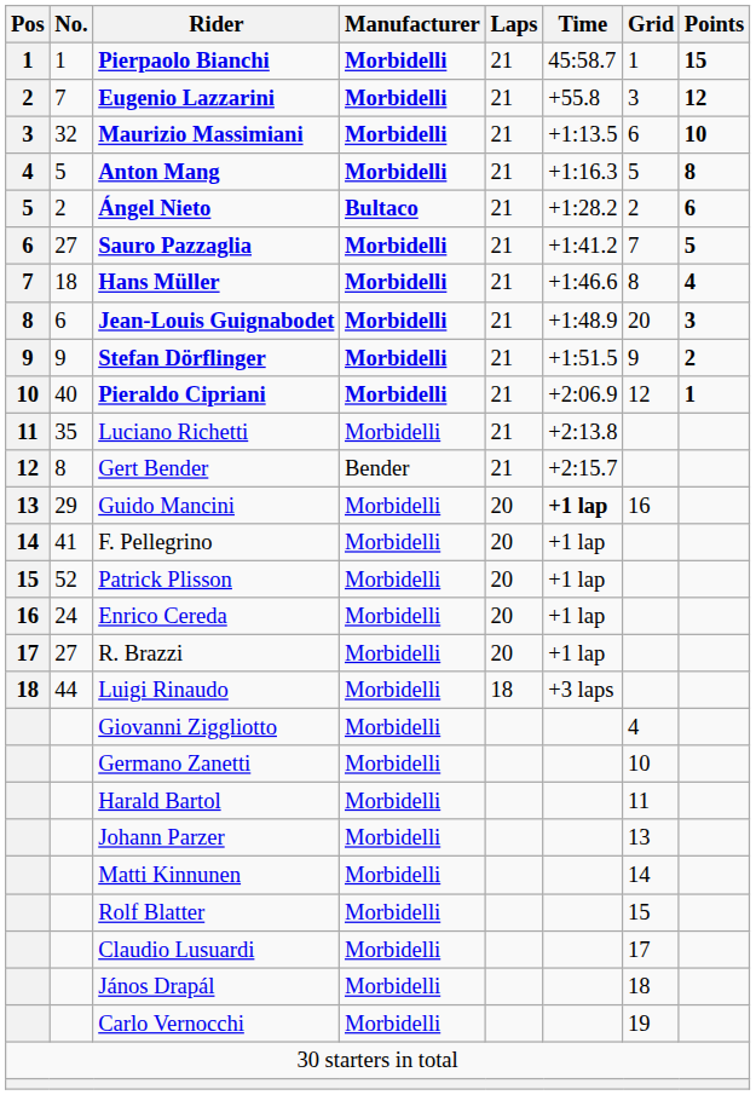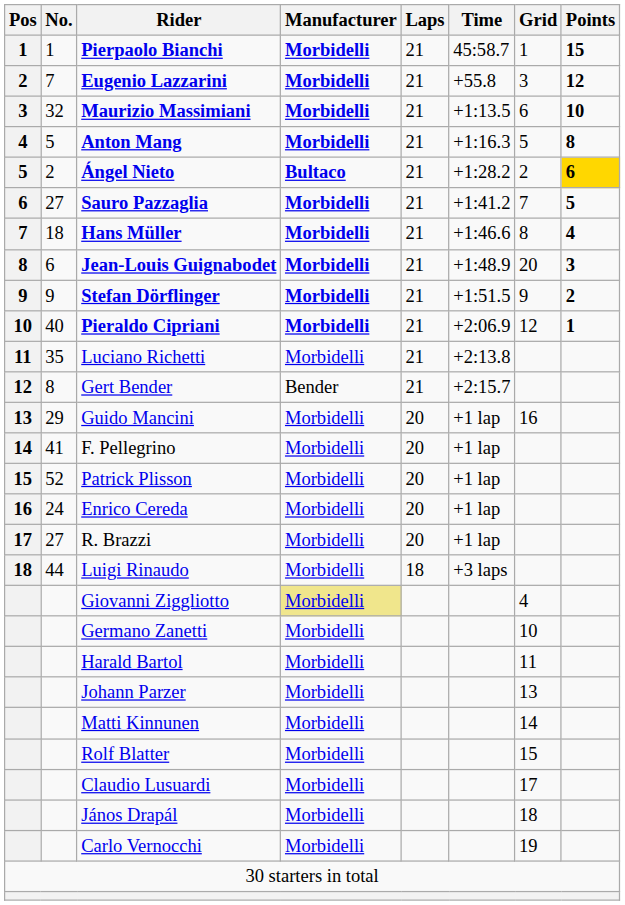 <table class="wikitable" style="font-size: 95%;">
 <tr>
 <th>Pos</th>
 <th>No.</th>
 <th>Rider</th>
 <th>Manufacturer</th>
 <th>Laps</th>
 <th>Time</th>
 <th>Grid</th>
 <th>Points</th>
 </tr>
 <tr>
 <th>1</th>
 <td>1</td>
 <td> <strong><a href='#'>Pierpaolo Bianchi</a></strong></td>
 <td><strong><a href='#'>Morbidelli</a></strong></td>
 <td>21</td>
 <td>45:58.7</td>
 <td>1</td>
 <td><strong>15</strong></td>
 </tr>
 <tr>
 <th>2</th>
 <td>7</td>
 <td> <strong><a href='#'>Eugenio Lazzarini</a></strong></td>
 <td><strong><a href='#'>Morbidelli</a></strong></td>
 <td>21</td>
 <td>+55.8</td>
 <td>3</td>
 <td><strong>12</strong></td>
 </tr>
 <tr>
 <th>3</th>
 <td>32</td>
 <td> <strong><a href='#'>Maurizio Massimiani</a></strong></td>
 <td><strong><a href='#'>Morbidelli</a></strong></td>
 <td>21</td>
 <td>+1:13.5</td>
 <td>6</td>
 <td><strong>10</strong></td>
 </tr>
 <tr>
 <th>4</th>
 <td>5</td>
 <td> <strong><a href='#'>Anton Mang</a></strong></td>
 <td><strong><a href='#'>Morbidelli</a></strong></td>
 <td>21</td>
 <td>+1:16.3</td>
 <td>5</td>
 <td><strong>8</strong></td>
 </tr>
 <tr>
 <th>5</th>
 <td>2</td>
 <td> <strong><a href='#'>Ángel Nieto</a></strong></td>
 <td><strong><a href='#'>Bultaco</a></strong></td>
 <td>21</td>
 <td>+1:28.2</td>
 <td>2</td>
-<td><strong>6</strong></td>
+<td style="background: gold;"><strong>6</strong></td>
 </tr>
 <tr>
 <th>6</th>
 <td>27</td>
 <td> <strong><a href='#'>Sauro Pazzaglia</a></strong></td>
 <td><strong><a href='#'>Morbidelli</a></strong></td>
 <td>21</td>
 <td>+1:41.2</td>
 <td>7</td>
 <td><strong>5</strong></td>
 </tr>
 <tr>
 <th>7</th>
 <td>18</td>
 <td> <strong><a href='#'>Hans Müller</a></strong></td>
 <td><strong><a href='#'>Morbidelli</a></strong></td>
 <td>21</td>
 <td>+1:46.6</td>
 <td>8</td>
 <td><strong>4</strong></td>
 </tr>
 <tr>
 <th>8</th>
 <td>6</td>
 <td> <strong><a href='#'>Jean-Louis Guignabodet</a></strong></td>
 <td><strong><a href='#'>Morbidelli</a></strong></td>
 <td>21</td>
 <td>+1:48.9</td>
 <td>20</td>
 <td><strong>3</strong></td>
 </tr>
 <tr>
 <th>9</th>
 <td>9</td>
 <td> <strong><a href='#'>Stefan Dörflinger</a></strong></td>
 <td><strong><a href='#'>Morbidelli</a></strong></td>
 <td>21</td>
 <td>+1:51.5</td>
 <td>9</td>
 <td><strong>2</strong></td>
 </tr>
 <tr>
 <th>10</th>
 <td>40</td>
 <td> <strong><a href='#'>Pieraldo Cipriani</a></strong></td>
 <td><strong><a href='#'>Morbidelli</a></strong></td>
 <td>21</td>
 <td>+2:06.9</td>
 <td>12</td>
 <td><strong>1</strong></td>
 </tr>
 <tr>
 <th>11</th>
 <td>35</td>
 <td> <a href='#'>Luciano Richetti</a></td>
 <td><a href='#'>Morbidelli</a></td>
 <td>21</td>
 <td>+2:13.8</td>
 <td></td>
 <td></td>
 </tr>
 <tr>
 <th>12</th>
 <td>8</td>
 <td> <a href='#'>Gert Bender</a></td>
 <td>Bender</td>
 <td>21</td>
 <td>+2:15.7</td>
 <td></td>
 <td></td>
 </tr>
 <tr>
 <th>13</th>
 <td>29</td>
 <td> <a href='#'>Guido Mancini</a></td>
 <td><a href='#'>Morbidelli</a></td>
 <td>20</td>
-<td><strong>+1 lap</strong></td>
+<td>+1 lap</td>
 <td>16</td>
 <td></td>
 </tr>
 <tr>
 <th>14</th>
 <td>41</td>
 <td> F. Pellegrino</td>
 <td><a href='#'>Morbidelli</a></td>
 <td>20</td>
 <td>+1 lap</td>
 <td></td>
 <td></td>
 </tr>
 <tr>
 <th>15</th>
 <td>52</td>
 <td> <a href='#'>Patrick Plisson</a></td>
 <td><a href='#'>Morbidelli</a></td>
 <td>20</td>
 <td>+1 lap</td>
 <td></td>
 <td></td>
 </tr>
 <tr>
 <th>16</th>
 <td>24</td>
 <td> <a href='#'>Enrico Cereda</a></td>
 <td><a href='#'>Morbidelli</a></td>
 <td>20</td>
 <td>+1 lap</td>
 <td></td>
 <td></td>
 </tr>
 <tr>
 <th>17</th>
 <td>27</td>
 <td> R. Brazzi</td>
 <td><a href='#'>Morbidelli</a></td>
 <td>20</td>
 <td>+1 lap</td>
 <td></td>
 <td></td>
 </tr>
 <tr>
 <th>18</th>
 <td>44</td>
 <td> <a href='#'>Luigi Rinaudo</a></td>
 <td><a href='#'>Morbidelli</a></td>
 <td>18</td>
 <td>+3 laps</td>
 <td></td>
 <td></td>
 </tr>
 <tr>
 <th></th>
 <td></td>
 <td> <a href='#'>Giovanni Ziggliotto</a></td>
-<td><a href='#'>Morbidelli</a></td>
+<td style="background: khaki;"><a href='#'>Morbidelli</a></td>
 <td></td>
 <td></td>
 <td>4</td>
 <td></td>
 </tr>
 <tr>
 <th></th>
 <td></td>
 <td> <a href='#'>Germano Zanetti</a></td>
 <td><a href='#'>Morbidelli</a></td>
 <td></td>
 <td></td>
 <td>10</td>
 <td></td>
 </tr>
 <tr>
 <th></th>
 <td></td>
 <td> <a href='#'>Harald Bartol</a></td>
 <td><a href='#'>Morbidelli</a></td>
 <td></td>
 <td></td>
 <td>11</td>
 <td></td>
 </tr>
 <tr>
 <th></th>
 <td></td>
 <td> <a href='#'>Johann Parzer</a></td>
 <td><a href='#'>Morbidelli</a></td>
 <td></td>
 <td></td>
 <td>13</td>
 <td></td>
 </tr>
 <tr>
 <th></th>
 <td></td>
 <td> <a href='#'>Matti Kinnunen</a></td>
 <td><a href='#'>Morbidelli</a></td>
 <td></td>
 <td></td>
 <td>14</td>
 <td></td>
 </tr>
 <tr>
 <th></th>
 <td></td>
 <td> <a href='#'>Rolf Blatter</a></td>
 <td><a href='#'>Morbidelli</a></td>
 <td></td>
 <td></td>
 <td>15</td>
 <td></td>
 </tr>
 <tr>
 <th></th>
 <td></td>
 <td> <a href='#'>Claudio Lusuardi</a></td>
 <td><a href='#'>Morbidelli</a></td>
 <td></td>
 <td></td>
 <td>17</td>
 <td></td>
 </tr>
 <tr>
 <th></th>
 <td></td>
 <td> <a href='#'>János Drapál</a></td>
 <td><a href='#'>Morbidelli</a></td>
 <td></td>
 <td></td>
 <td>18</td>
 <td></td>
 </tr>
 <tr>
 <th></th>
 <td></td>
 <td> <a href='#'>Carlo Vernocchi</a></td>
 <td><a href='#'>Morbidelli</a></td>
 <td></td>
 <td></td>
 <td>19</td>
 <td></td>
 </tr>
 <tr>
 <td colspan=8 align=center>30 starters in total</td>
 </tr>
 <tr>
 <th colspan=8></th>
 </tr>
 </table>
